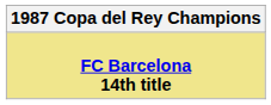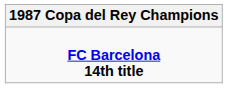 <table class=wikitable style="text-align:center; margin:auto">
 <tr>
 <th>1987 Copa del Rey Champions</th>
 </tr>
 <tr>
-<td style="background: khaki;"><br> <strong><a href='#'>FC Barcelona</a></strong> <br> <strong>14th title</strong></td>
+<td><br> <strong><a href='#'>FC Barcelona</a></strong> <br> <strong>14th title</strong></td>
 </tr>
 </table>
